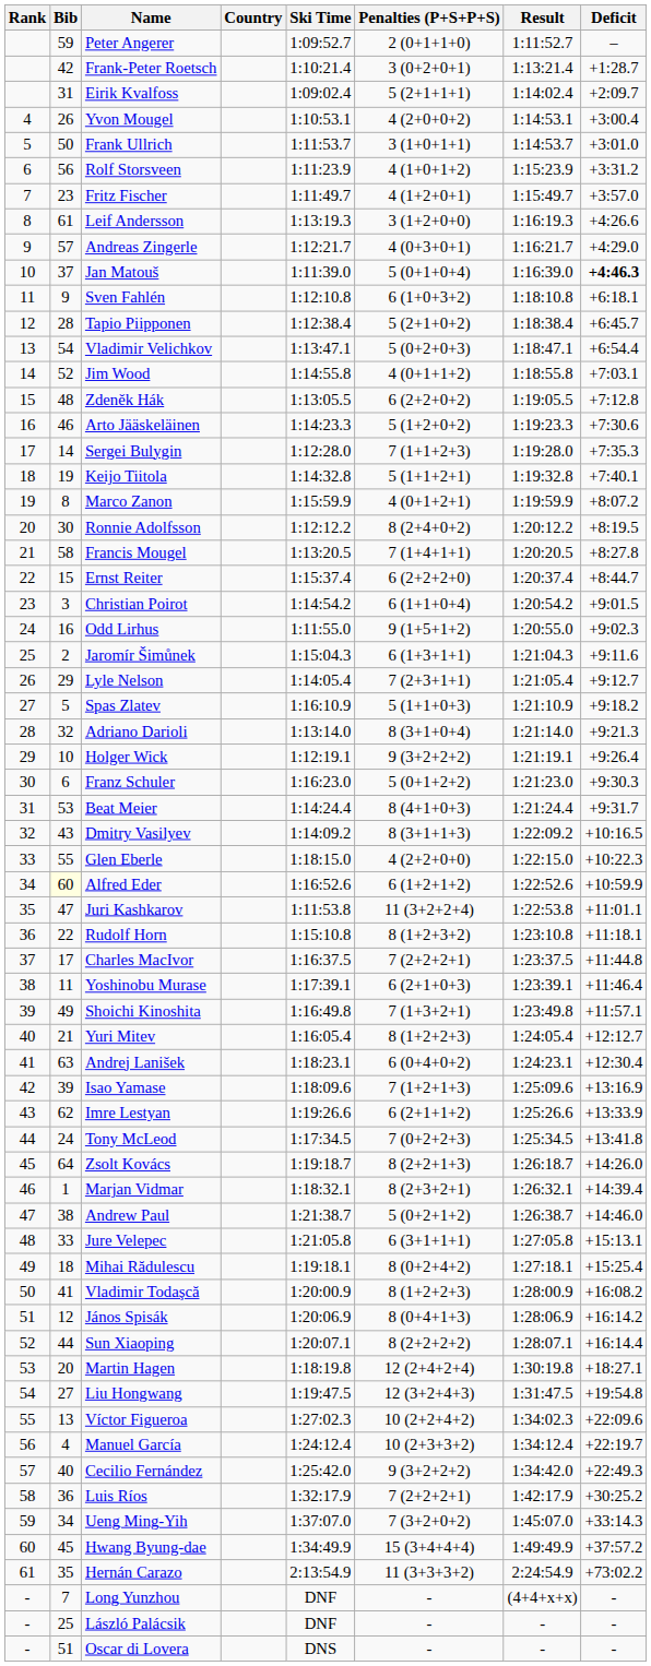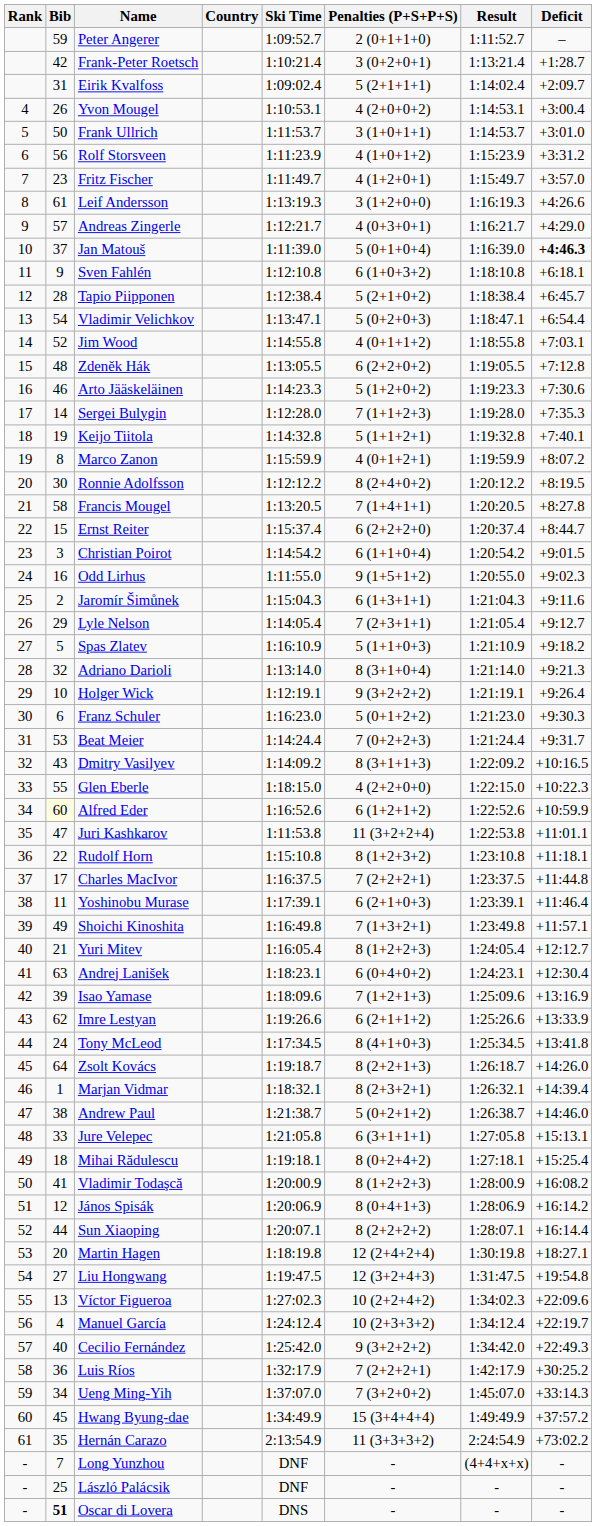 <table class="wikitable sortable" style="text-align:center">
 <tr>
 <th>Rank</th>
 <th>Bib</th>
 <th>Name</th>
 <th>Country</th>
 <th>Ski Time</th>
 <th>Penalties (P+S+P+S)</th>
 <th>Result</th>
 <th>Deficit</th>
 </tr>
 <tr>
 <td></td>
 <td>59</td>
 <td align=left><a href='#'>Peter Angerer</a></td>
 <td align=left></td>
 <td>1:09:52.7</td>
 <td>2 (0+1+1+0)</td>
 <td>1:11:52.7</td>
 <td>–</td>
 </tr>
 <tr>
 <td></td>
 <td>42</td>
 <td align=left><a href='#'>Frank-Peter Roetsch</a></td>
 <td align=left></td>
 <td>1:10:21.4</td>
 <td>3 (0+2+0+1)</td>
 <td>1:13:21.4</td>
 <td>+1:28.7</td>
 </tr>
 <tr>
 <td></td>
 <td>31</td>
 <td align=left><a href='#'>Eirik Kvalfoss</a></td>
 <td align=left></td>
 <td>1:09:02.4</td>
 <td>5 (2+1+1+1)</td>
 <td>1:14:02.4</td>
 <td>+2:09.7</td>
 </tr>
 <tr>
 <td>4</td>
 <td>26</td>
 <td align=left><a href='#'>Yvon Mougel</a></td>
 <td align=left></td>
 <td>1:10:53.1</td>
 <td>4 (2+0+0+2)</td>
 <td>1:14:53.1</td>
 <td>+3:00.4</td>
 </tr>
 <tr>
 <td>5</td>
 <td>50</td>
 <td align=left><a href='#'>Frank Ullrich</a></td>
 <td align=left></td>
 <td>1:11:53.7</td>
 <td>3 (1+0+1+1)</td>
 <td>1:14:53.7</td>
 <td>+3:01.0</td>
 </tr>
 <tr>
 <td>6</td>
 <td>56</td>
 <td align=left><a href='#'>Rolf Storsveen</a></td>
 <td align=left></td>
 <td>1:11:23.9</td>
 <td>4 (1+0+1+2)</td>
 <td>1:15:23.9</td>
 <td>+3:31.2</td>
 </tr>
 <tr>
 <td>7</td>
 <td>23</td>
 <td align=left><a href='#'>Fritz Fischer</a></td>
 <td align=left></td>
 <td>1:11:49.7</td>
 <td>4 (1+2+0+1)</td>
 <td>1:15:49.7</td>
 <td>+3:57.0</td>
 </tr>
 <tr>
 <td>8</td>
 <td>61</td>
 <td align=left><a href='#'>Leif Andersson</a></td>
 <td align=left></td>
 <td>1:13:19.3</td>
 <td>3 (1+2+0+0)</td>
 <td>1:16:19.3</td>
 <td>+4:26.6</td>
 </tr>
 <tr>
 <td>9</td>
 <td>57</td>
 <td align=left><a href='#'>Andreas Zingerle</a></td>
 <td align=left></td>
 <td>1:12:21.7</td>
 <td>4 (0+3+0+1)</td>
 <td>1:16:21.7</td>
 <td>+4:29.0</td>
 </tr>
 <tr>
 <td>10</td>
 <td>37</td>
 <td align=left><a href='#'>Jan Matouš</a></td>
 <td align=left></td>
 <td>1:11:39.0</td>
 <td>5 (0+1+0+4)</td>
 <td>1:16:39.0</td>
 <td><strong>+4:46.3</strong></td>
 </tr>
 <tr>
 <td>11</td>
 <td>9</td>
 <td align=left><a href='#'>Sven Fahlén</a></td>
 <td align=left></td>
 <td>1:12:10.8</td>
 <td>6 (1+0+3+2)</td>
 <td>1:18:10.8</td>
 <td>+6:18.1</td>
 </tr>
 <tr>
 <td>12</td>
 <td>28</td>
 <td align=left><a href='#'>Tapio Piipponen</a></td>
 <td align=left></td>
 <td>1:12:38.4</td>
 <td>5 (2+1+0+2)</td>
 <td>1:18:38.4</td>
 <td>+6:45.7</td>
 </tr>
 <tr>
 <td>13</td>
 <td>54</td>
 <td align=left><a href='#'>Vladimir Velichkov</a></td>
 <td align=left></td>
 <td>1:13:47.1</td>
 <td>5 (0+2+0+3)</td>
 <td>1:18:47.1</td>
 <td>+6:54.4</td>
 </tr>
 <tr>
 <td>14</td>
 <td>52</td>
 <td align=left><a href='#'>Jim Wood</a></td>
 <td align=left></td>
 <td>1:14:55.8</td>
 <td>4 (0+1+1+2)</td>
 <td>1:18:55.8</td>
 <td>+7:03.1</td>
 </tr>
 <tr>
 <td>15</td>
 <td>48</td>
 <td align=left><a href='#'>Zdeněk Hák</a></td>
 <td align=left></td>
 <td>1:13:05.5</td>
 <td>6 (2+2+0+2)</td>
 <td>1:19:05.5</td>
 <td>+7:12.8</td>
 </tr>
 <tr>
 <td>16</td>
 <td>46</td>
 <td align=left><a href='#'>Arto Jääskeläinen</a></td>
 <td align=left></td>
 <td>1:14:23.3</td>
 <td>5 (1+2+0+2)</td>
 <td>1:19:23.3</td>
 <td>+7:30.6</td>
 </tr>
 <tr>
 <td>17</td>
 <td>14</td>
 <td align=left><a href='#'>Sergei Bulygin</a></td>
 <td align=left></td>
 <td>1:12:28.0</td>
 <td>7 (1+1+2+3)</td>
 <td>1:19:28.0</td>
 <td>+7:35.3</td>
 </tr>
 <tr>
 <td>18</td>
 <td>19</td>
 <td align=left><a href='#'>Keijo Tiitola</a></td>
 <td align=left></td>
 <td>1:14:32.8</td>
 <td>5 (1+1+2+1)</td>
 <td>1:19:32.8</td>
 <td>+7:40.1</td>
 </tr>
 <tr>
 <td>19</td>
 <td>8</td>
 <td align=left><a href='#'>Marco Zanon</a></td>
 <td align=left></td>
 <td>1:15:59.9</td>
 <td>4 (0+1+2+1)</td>
 <td>1:19:59.9</td>
 <td>+8:07.2</td>
 </tr>
 <tr>
 <td>20</td>
 <td>30</td>
 <td align=left><a href='#'>Ronnie Adolfsson</a></td>
 <td align=left></td>
 <td>1:12:12.2</td>
 <td>8 (2+4+0+2)</td>
 <td>1:20:12.2</td>
 <td>+8:19.5</td>
 </tr>
 <tr>
 <td>21</td>
 <td>58</td>
 <td align=left><a href='#'>Francis Mougel</a></td>
 <td align=left></td>
 <td>1:13:20.5</td>
 <td>7 (1+4+1+1)</td>
 <td>1:20:20.5</td>
 <td>+8:27.8</td>
 </tr>
 <tr>
 <td>22</td>
 <td>15</td>
 <td align=left><a href='#'>Ernst Reiter</a></td>
 <td align=left></td>
 <td>1:15:37.4</td>
 <td>6 (2+2+2+0)</td>
 <td>1:20:37.4</td>
 <td>+8:44.7</td>
 </tr>
 <tr>
 <td>23</td>
 <td>3</td>
 <td align=left><a href='#'>Christian Poirot</a></td>
 <td align=left></td>
 <td>1:14:54.2</td>
 <td>6 (1+1+0+4)</td>
 <td>1:20:54.2</td>
 <td>+9:01.5</td>
 </tr>
 <tr>
 <td>24</td>
 <td>16</td>
 <td align=left><a href='#'>Odd Lirhus</a></td>
 <td align=left></td>
 <td>1:11:55.0</td>
 <td>9 (1+5+1+2)</td>
 <td>1:20:55.0</td>
 <td>+9:02.3</td>
 </tr>
 <tr>
 <td>25</td>
 <td>2</td>
 <td align=left><a href='#'>Jaromír Šimůnek</a></td>
 <td align=left></td>
 <td>1:15:04.3</td>
 <td>6 (1+3+1+1)</td>
 <td>1:21:04.3</td>
 <td>+9:11.6</td>
 </tr>
 <tr>
 <td>26</td>
 <td>29</td>
 <td align=left><a href='#'>Lyle Nelson</a></td>
 <td align=left></td>
 <td>1:14:05.4</td>
 <td>7 (2+3+1+1)</td>
 <td>1:21:05.4</td>
 <td>+9:12.7</td>
 </tr>
 <tr>
 <td>27</td>
 <td>5</td>
 <td align=left><a href='#'>Spas Zlatev</a></td>
 <td align=left></td>
 <td>1:16:10.9</td>
 <td>5 (1+1+0+3)</td>
 <td>1:21:10.9</td>
 <td>+9:18.2</td>
 </tr>
 <tr>
 <td>28</td>
 <td>32</td>
 <td align=left><a href='#'>Adriano Darioli</a></td>
 <td align=left></td>
 <td>1:13:14.0</td>
 <td>8 (3+1+0+4)</td>
 <td>1:21:14.0</td>
 <td>+9:21.3</td>
 </tr>
 <tr>
 <td>29</td>
 <td>10</td>
 <td align=left><a href='#'>Holger Wick</a></td>
 <td align=left></td>
 <td>1:12:19.1</td>
 <td>9 (3+2+2+2)</td>
 <td>1:21:19.1</td>
 <td>+9:26.4</td>
 </tr>
 <tr>
 <td>30</td>
 <td>6</td>
 <td align=left><a href='#'>Franz Schuler</a></td>
 <td align=left></td>
 <td>1:16:23.0</td>
 <td>5 (0+1+2+2)</td>
 <td>1:21:23.0</td>
 <td>+9:30.3</td>
 </tr>
 <tr>
 <td>31</td>
 <td>53</td>
 <td align=left><a href='#'>Beat Meier</a></td>
 <td align=left></td>
 <td>1:14:24.4</td>
-<td>8 (4+1+0+3)</td>
+<td>7 (0+2+2+3)</td>
 <td>1:21:24.4</td>
 <td>+9:31.7</td>
 </tr>
 <tr>
 <td>32</td>
 <td>43</td>
 <td align=left><a href='#'>Dmitry Vasilyev</a></td>
 <td align=left></td>
 <td>1:14:09.2</td>
 <td>8 (3+1+1+3)</td>
 <td>1:22:09.2</td>
 <td>+10:16.5</td>
 </tr>
 <tr>
 <td>33</td>
 <td>55</td>
 <td align=left><a href='#'>Glen Eberle</a></td>
 <td align=left></td>
 <td>1:18:15.0</td>
 <td>4 (2+2+0+0)</td>
 <td>1:22:15.0</td>
 <td>+10:22.3</td>
 </tr>
 <tr>
 <td>34</td>
 <td style="background: lightyellow;">60</td>
 <td align=left><a href='#'>Alfred Eder</a></td>
 <td align=left></td>
 <td>1:16:52.6</td>
 <td>6 (1+2+1+2)</td>
 <td>1:22:52.6</td>
 <td>+10:59.9</td>
 </tr>
 <tr>
 <td>35</td>
 <td>47</td>
 <td align=left><a href='#'>Juri Kashkarov</a></td>
 <td align=left></td>
 <td>1:11:53.8</td>
 <td>11 (3+2+2+4)</td>
 <td>1:22:53.8</td>
 <td>+11:01.1</td>
 </tr>
 <tr>
 <td>36</td>
 <td>22</td>
 <td align=left><a href='#'>Rudolf Horn</a></td>
 <td align=left></td>
 <td>1:15:10.8</td>
 <td>8 (1+2+3+2)</td>
 <td>1:23:10.8</td>
 <td>+11:18.1</td>
 </tr>
 <tr>
 <td>37</td>
 <td>17</td>
 <td align=left><a href='#'>Charles MacIvor</a></td>
 <td align=left></td>
 <td>1:16:37.5</td>
 <td>7 (2+2+2+1)</td>
 <td>1:23:37.5</td>
 <td>+11:44.8</td>
 </tr>
 <tr>
 <td>38</td>
 <td>11</td>
 <td align=left><a href='#'>Yoshinobu Murase</a></td>
 <td align=left></td>
 <td>1:17:39.1</td>
 <td>6 (2+1+0+3)</td>
 <td>1:23:39.1</td>
 <td>+11:46.4</td>
 </tr>
 <tr>
 <td>39</td>
 <td>49</td>
 <td align=left><a href='#'>Shoichi Kinoshita</a></td>
 <td align=left></td>
 <td>1:16:49.8</td>
 <td>7 (1+3+2+1)</td>
 <td>1:23:49.8</td>
 <td>+11:57.1</td>
 </tr>
 <tr>
 <td>40</td>
 <td>21</td>
 <td align=left><a href='#'>Yuri Mitev</a></td>
 <td align=left></td>
 <td>1:16:05.4</td>
 <td>8 (1+2+2+3)</td>
 <td>1:24:05.4</td>
 <td>+12:12.7</td>
 </tr>
 <tr>
 <td>41</td>
 <td>63</td>
 <td align=left><a href='#'>Andrej Lanišek</a></td>
 <td align=left></td>
 <td>1:18:23.1</td>
 <td>6 (0+4+0+2)</td>
 <td>1:24:23.1</td>
 <td>+12:30.4</td>
 </tr>
 <tr>
 <td>42</td>
 <td>39</td>
 <td align=left><a href='#'>Isao Yamase</a></td>
 <td align=left></td>
 <td>1:18:09.6</td>
 <td>7 (1+2+1+3)</td>
 <td>1:25:09.6</td>
 <td>+13:16.9</td>
 </tr>
 <tr>
 <td>43</td>
 <td>62</td>
 <td align=left><a href='#'>Imre Lestyan</a></td>
 <td align=left></td>
 <td>1:19:26.6</td>
 <td>6 (2+1+1+2)</td>
 <td>1:25:26.6</td>
 <td>+13:33.9</td>
 </tr>
 <tr>
 <td>44</td>
 <td>24</td>
 <td align=left><a href='#'>Tony McLeod</a></td>
 <td align=left></td>
 <td>1:17:34.5</td>
-<td>7 (0+2+2+3)</td>
+<td>8 (4+1+0+3)</td>
 <td>1:25:34.5</td>
 <td>+13:41.8</td>
 </tr>
 <tr>
 <td>45</td>
 <td>64</td>
 <td align=left><a href='#'>Zsolt Kovács</a></td>
 <td align=left></td>
 <td>1:19:18.7</td>
 <td>8 (2+2+1+3)</td>
 <td>1:26:18.7</td>
 <td>+14:26.0</td>
 </tr>
 <tr>
 <td>46</td>
 <td>1</td>
 <td align=left><a href='#'>Marjan Vidmar</a></td>
 <td align=left></td>
 <td>1:18:32.1</td>
 <td>8 (2+3+2+1)</td>
 <td>1:26:32.1</td>
 <td>+14:39.4</td>
 </tr>
 <tr>
 <td>47</td>
 <td>38</td>
 <td align=left><a href='#'>Andrew Paul</a></td>
 <td align=left></td>
 <td>1:21:38.7</td>
 <td>5 (0+2+1+2)</td>
 <td>1:26:38.7</td>
 <td>+14:46.0</td>
 </tr>
 <tr>
 <td>48</td>
 <td>33</td>
 <td align=left><a href='#'>Jure Velepec</a></td>
 <td align=left></td>
 <td>1:21:05.8</td>
 <td>6 (3+1+1+1)</td>
 <td>1:27:05.8</td>
 <td>+15:13.1</td>
 </tr>
 <tr>
 <td>49</td>
 <td>18</td>
 <td align=left><a href='#'>Mihai Rădulescu</a></td>
 <td align=left></td>
 <td>1:19:18.1</td>
 <td>8 (0+2+4+2)</td>
 <td>1:27:18.1</td>
 <td>+15:25.4</td>
 </tr>
 <tr>
 <td>50</td>
 <td>41</td>
 <td align=left><a href='#'>Vladimir Todaşcă</a></td>
 <td align=left></td>
 <td>1:20:00.9</td>
 <td>8 (1+2+2+3)</td>
 <td>1:28:00.9</td>
 <td>+16:08.2</td>
 </tr>
 <tr>
 <td>51</td>
 <td>12</td>
 <td align=left><a href='#'>János Spisák</a></td>
 <td align=left></td>
 <td>1:20:06.9</td>
 <td>8 (0+4+1+3)</td>
 <td>1:28:06.9</td>
 <td>+16:14.2</td>
 </tr>
 <tr>
 <td>52</td>
 <td>44</td>
 <td align=left><a href='#'>Sun Xiaoping</a></td>
 <td align=left></td>
 <td>1:20:07.1</td>
 <td>8 (2+2+2+2)</td>
 <td>1:28:07.1</td>
 <td>+16:14.4</td>
 </tr>
 <tr>
 <td>53</td>
 <td>20</td>
 <td align=left><a href='#'>Martin Hagen</a></td>
 <td align=left></td>
 <td>1:18:19.8</td>
 <td>12 (2+4+2+4)</td>
 <td>1:30:19.8</td>
 <td>+18:27.1</td>
 </tr>
 <tr>
 <td>54</td>
 <td>27</td>
 <td align=left><a href='#'>Liu Hongwang</a></td>
 <td align=left></td>
 <td>1:19:47.5</td>
 <td>12 (3+2+4+3)</td>
 <td>1:31:47.5</td>
 <td>+19:54.8</td>
 </tr>
 <tr>
 <td>55</td>
 <td>13</td>
 <td align=left><a href='#'>Víctor Figueroa</a></td>
 <td align=left></td>
 <td>1:27:02.3</td>
 <td>10 (2+2+4+2)</td>
 <td>1:34:02.3</td>
 <td>+22:09.6</td>
 </tr>
 <tr>
 <td>56</td>
 <td>4</td>
 <td align=left><a href='#'>Manuel García</a></td>
 <td align=left></td>
 <td>1:24:12.4</td>
 <td>10 (2+3+3+2)</td>
 <td>1:34:12.4</td>
 <td>+22:19.7</td>
 </tr>
 <tr>
 <td>57</td>
 <td>40</td>
 <td align=left><a href='#'>Cecilio Fernández</a></td>
 <td align=left></td>
 <td>1:25:42.0</td>
 <td>9 (3+2+2+2)</td>
 <td>1:34:42.0</td>
 <td>+22:49.3</td>
 </tr>
 <tr>
 <td>58</td>
 <td>36</td>
 <td align=left><a href='#'>Luis Ríos</a></td>
 <td align=left></td>
 <td>1:32:17.9</td>
 <td>7 (2+2+2+1)</td>
 <td>1:42:17.9</td>
 <td>+30:25.2</td>
 </tr>
 <tr>
 <td>59</td>
 <td>34</td>
 <td align=left><a href='#'>Ueng Ming-Yih</a></td>
 <td align=left></td>
 <td>1:37:07.0</td>
 <td>7 (3+2+0+2)</td>
 <td>1:45:07.0</td>
 <td>+33:14.3</td>
 </tr>
 <tr>
 <td>60</td>
 <td>45</td>
 <td align=left><a href='#'>Hwang Byung-dae</a></td>
 <td align=left></td>
 <td>1:34:49.9</td>
 <td>15 (3+4+4+4)</td>
 <td>1:49:49.9</td>
 <td>+37:57.2</td>
 </tr>
 <tr>
 <td>61</td>
 <td>35</td>
 <td align=left><a href='#'>Hernán Carazo</a></td>
 <td align=left></td>
 <td>2:13:54.9</td>
 <td>11 (3+3+3+2)</td>
 <td>2:24:54.9</td>
 <td>+73:02.2</td>
 </tr>
 <tr>
 <td>-</td>
 <td>7</td>
 <td align=left><a href='#'>Long Yunzhou</a></td>
 <td align=left></td>
 <td>DNF</td>
 <td>-</td>
 <td>(4+4+x+x)</td>
 <td>-</td>
 </tr>
 <tr>
 <td>-</td>
 <td>25</td>
 <td align=left><a href='#'>László Palácsik</a></td>
 <td align=left></td>
 <td>DNF</td>
 <td>-</td>
 <td>-</td>
 <td>-</td>
 </tr>
 <tr>
 <td>-</td>
-<td>51</td>
+<td><strong>51</strong></td>
 <td align=left><a href='#'>Oscar di Lovera</a></td>
 <td align=left></td>
 <td>DNS</td>
 <td>-</td>
 <td>-</td>
 <td>-</td>
 </tr>
 </table>
